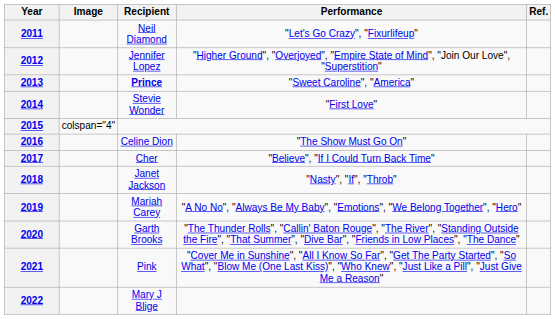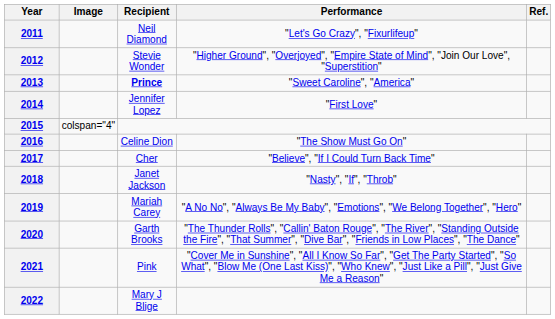 <table class="wikitable plainrowheaders sortable" style="text-align:center;">
 <tr>
 <th scope="col" style="width:5em;">Year</th>
 <th scope="col">Image</th>
 <th scope="col">Recipient</th>
 <th scope="col">Performance</th>
 <th scope="col" class="unsortable">Ref.</th>
 </tr>
 <tr>
 <th scope="row" style="text-align:center;"><a href='#'>2011</a></th>
 <td></td>
 <td><a href='#'>Neil Diamond</a></td>
 <td>"<a href='#'>Let's Go Crazy</a>", "<a href='#'>Fixurlifeup</a>"</td>
 <td></td>
 </tr>
 <tr>
 <th scope="row" style="text-align:center;"><a href='#'>2012</a></th>
 <td></td>
-<td><a href='#'>Jennifer Lopez</a></td>
+<td><a href='#'>Stevie Wonder</a></td>
 <td>"<a href='#'>Higher Ground</a>", "<a href='#'>Overjoyed</a>", "<a href='#'>Empire State of Mind</a>", "Join Our Love", "<a href='#'>Superstition</a>"</td>
 <td></td>
 </tr>
 <tr>
 <th scope="row" style="text-align:center;"><a href='#'>2013</a></th>
 <td></td>
 <td><strong><a href='#'>Prince</a></strong></td>
 <td>"<a href='#'>Sweet Caroline</a>", "<a href='#'>America</a>"</td>
 <td></td>
 </tr>
 <tr>
 <th scope="row" style="text-align:center;"><a href='#'>2014</a></th>
 <td></td>
-<td><a href='#'>Stevie Wonder</a></td>
+<td><a href='#'>Jennifer Lopez</a></td>
 <td>"<a href='#'>First Love</a>"</td>
 <td></td>
 </tr>
 <tr>
 <th scope="row" style="text-align:center;"><a href='#'>2015</a></th>
 <td>colspan="4" </td>
 </tr>
 <tr>
 <th scope="row" style="text-align:center;"><a href='#'>2016</a></th>
 <td></td>
 <td><a href='#'>Celine Dion</a></td>
 <td>"<a href='#'>The Show Must Go On</a>"</td>
 <td></td>
 </tr>
 <tr>
 <th scope="row" style="text-align:center;"><a href='#'>2017</a></th>
 <td></td>
 <td><a href='#'>Cher</a></td>
 <td>"<a href='#'>Believe</a>", "<a href='#'>If I Could Turn Back Time</a>"</td>
 <td></td>
 </tr>
 <tr>
 <th scope="row" style="text-align:center;"><a href='#'>2018</a></th>
 <td></td>
 <td><a href='#'>Janet Jackson</a></td>
 <td>"<a href='#'>Nasty</a>", "<a href='#'>If</a>", "<a href='#'>Throb</a>"</td>
 <td></td>
 </tr>
 <tr>
 <th scope="row" style="text-align:center;"><a href='#'>2019</a></th>
 <td></td>
 <td><a href='#'>Mariah Carey</a></td>
 <td>"<a href='#'>A No No</a>", "<a href='#'>Always Be My Baby</a>", "<a href='#'>Emotions</a>", "<a href='#'>We Belong Together</a>", "<a href='#'>Hero</a>"</td>
 <td></td>
 </tr>
 <tr>
 <th scope="row" style="text-align:center;"><a href='#'>2020</a></th>
 <td></td>
 <td><a href='#'>Garth Brooks</a></td>
 <td>"<a href='#'>The Thunder Rolls</a>", "<a href='#'>Callin' Baton Rouge</a>", "<a href='#'>The River</a>", "<a href='#'>Standing Outside the Fire</a>", "<a href='#'>That Summer</a>", "<a href='#'>Dive Bar</a>", "<a href='#'>Friends in Low Places</a>", "<a href='#'>The Dance</a>"</td>
 <td></td>
 </tr>
 <tr>
 <th scope="row" style="text-align:center;"><a href='#'>2021</a></th>
 <td></td>
 <td><a href='#'>Pink</a></td>
 <td>"<a href='#'>Cover Me in Sunshine</a>", "<a href='#'>All I Know So Far</a>", "<a href='#'>Get The Party Started</a>", "<a href='#'>So What</a>", "<a href='#'>Blow Me (One Last Kiss)</a>", "<a href='#'>Who Knew</a>", "<a href='#'>Just Like a Pill</a>", "<a href='#'>Just Give Me a Reason</a>"</td>
 <td></td>
 </tr>
 <tr>
 <th scope="row" style="text-align:center;"><a href='#'>2022</a></th>
 <td></td>
 <td><a href='#'>Mary J Blige</a></td>
 <td></td>
 <td></td>
 </tr>
 </table>
